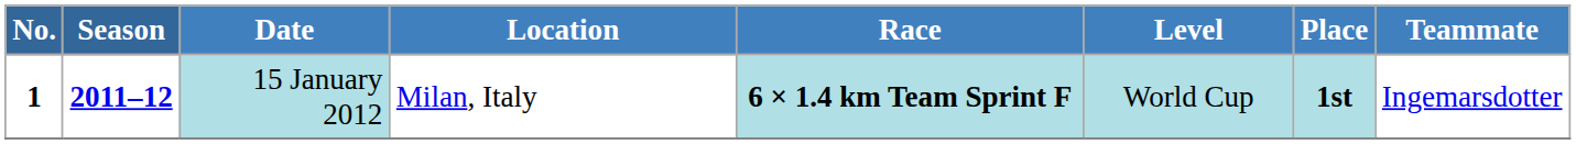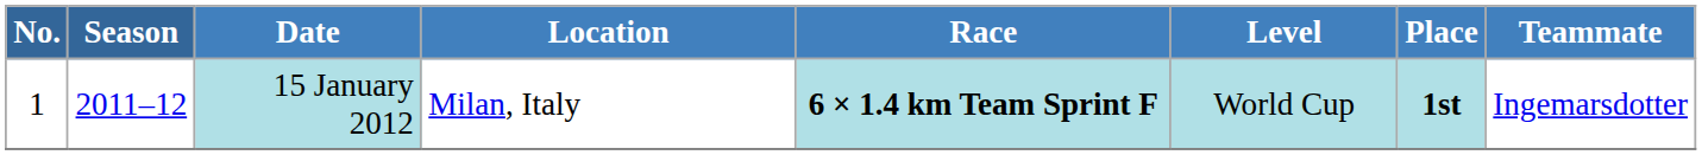 <table class="wikitable sortable" style="font-size:95%; text-align:center; border:grey solid 1px; border-collapse:collapse; background:#ffffff;">
 <tr style="background:#efefef;">
 <th style="background-color:#369; color:white;">No.</th>
 <th style="background-color:#369; color:white;">Season</th>
 <th style="background-color:#4180be; color:white; width:100px;">Date</th>
 <th style="background-color:#4180be; color:white; width:170px;">Location</th>
 <th style="background-color:#4180be; color:white; width:170px;">Race</th>
 <th style="background-color:#4180be; color:white; width:100px;">Level</th>
 <th style="background-color:#4180be; color:white;">Place</th>
 <th style="background-color:#4180be; color:white;">Teammate</th>
 </tr>
 <tr>
-<td align=center><strong>1</strong></td>
-<td rowspan=1 align=center><strong><a href='#'>2011–12</a></strong></td>
+<td align=center>1</td>
+<td rowspan=1 align=center><a href='#'>2011–12</a></td>
 <td bgcolor="#BOEOE6" align=right>15 January 2012</td>
 <td align=left> <a href='#'>Milan</a>, Italy</td>
 <td bgcolor="#BOEOE6"><strong>6 × 1.4 km Team Sprint F</strong></td>
 <td bgcolor="#BOEOE6"> World Cup </td>
 <td bgcolor="#BOEOE6"> <strong>1st</strong> </td>
 <td><a href='#'>Ingemarsdotter</a></td>
 </tr>
 <tr>
 </tr>
 </table>
